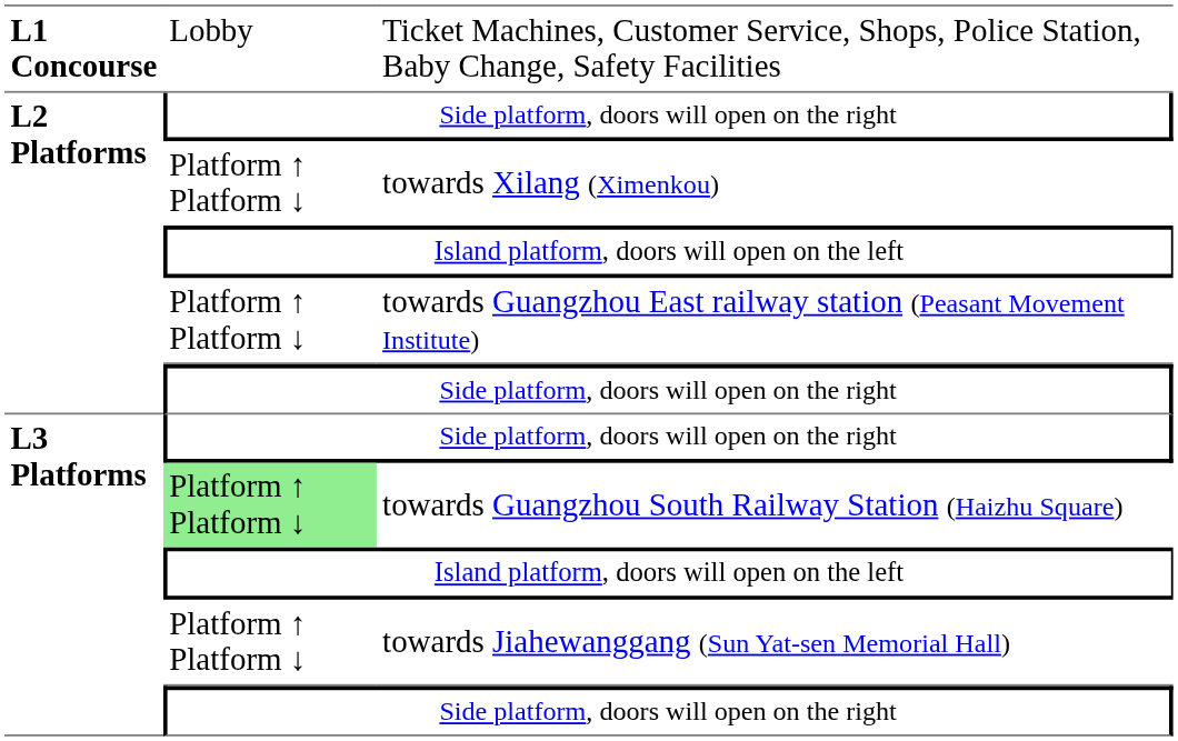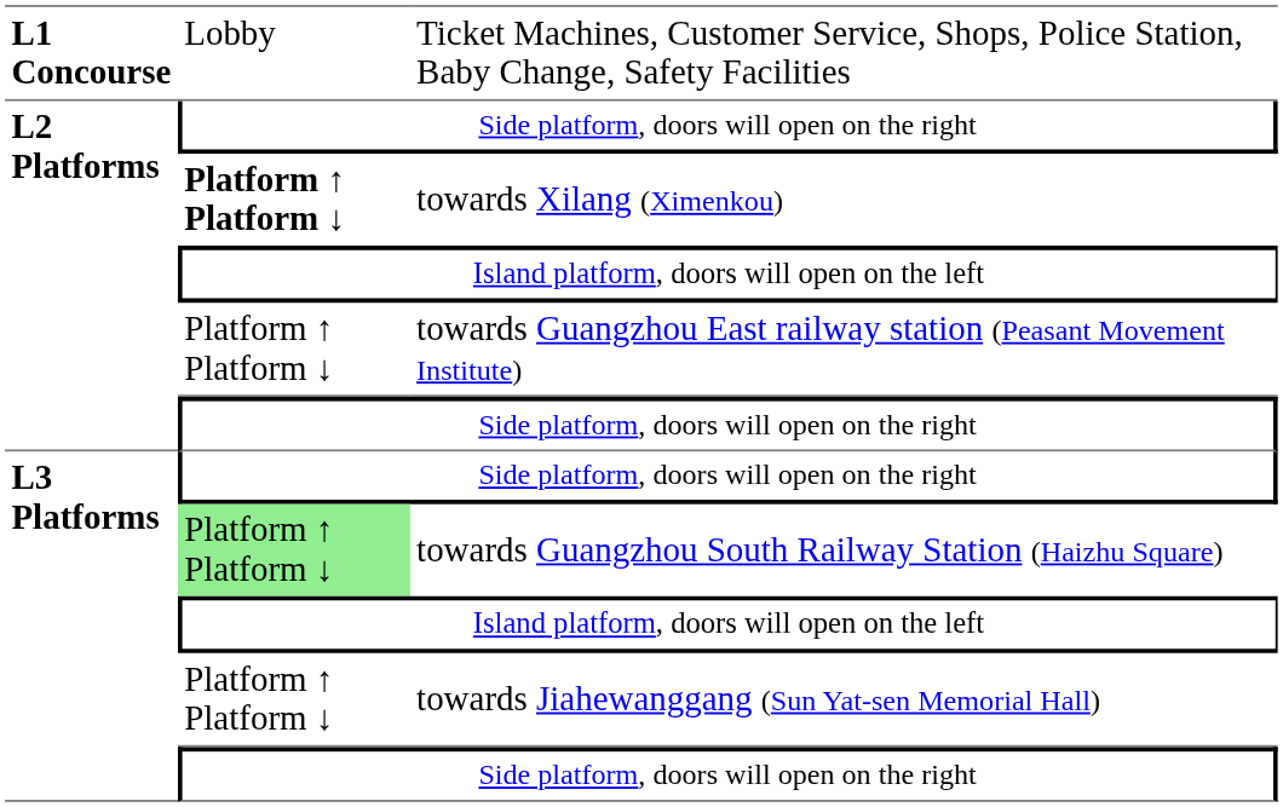 <table table border=0 cellspacing=0 cellpadding=3>
 <tr>
 <td style="border-bottom:solid 1px gray; border-top:solid 1px gray;" valign=top width=50><strong>L1<br>Concourse</strong></td>
 <td style="border-bottom:solid 1px gray; border-top:solid 1px gray;" valign=top width=100>Lobby</td>
 <td style="border-bottom:solid 1px gray; border-top:solid 1px gray;" valign=top width=390>Ticket Machines, Customer Service, Shops, Police Station, Baby Change, Safety Facilities</td>
 </tr>
 <tr>
 <td style="border-bottom:solid 1px gray;" rowspan=6 valign=top><strong>L2<br>Platforms</strong></td>
 </tr>
 <tr>
 <td style="border-right:solid 2px black;border-left:solid 2px black;border-bottom:solid 2px black;font-size:smaller;text-align:center;" colspan=2><a href='#'>Side platform</a>, doors will open on the right</td>
 </tr>
 <tr>
-<td>Platform  ↑<br>Platform  ↓</td>
+<td><strong>Platform  ↑<br>Platform  ↓</strong></td>
 <td>  towards <a href='#'>Xilang</a> <small>(<a href='#'>Ximenkou</a>)</small></td>
 </tr>
 <tr>
 <td style="border-right:solid 1px black;border-left:solid 2px black;border-top:solid 2px black;border-bottom:solid 2px black;font-size:85%;text-align:center;" colspan=2><a href='#'>Island platform</a>, doors will open on the left</td>
 </tr>
 <tr>
 <td style="border-bottom:solid 1px gray;">Platform  ↑<br>Platform  ↓</td>
 <td style="border-bottom:solid 1px gray;"><span></span>  towards <a href='#'>Guangzhou East railway station</a> <small>(<a href='#'>Peasant Movement Institute</a>)</small> </td>
 </tr>
 <tr>
 <td style="border-top:solid 2px black;border-right:solid 2px black;border-left:solid 2px black;border-bottom:solid 1px gray;font-size:smaller;text-align:center;" colspan=2><a href='#'>Side platform</a>, doors will open on the right</td>
 </tr>
 <tr>
 <td style="border-bottom:solid 1px gray;" rowspan=6 valign=top><strong>L3<br>Platforms</strong></td>
 </tr>
 <tr>
 <td style="border-right:solid 2px black;border-left:solid 2px black;border-bottom:solid 2px black;font-size:smaller;text-align:center;" colspan=2><a href='#'>Side platform</a>, doors will open on the right</td>
 </tr>
 <tr>
 <td style="background: lightgreen;">Platform  ↑<br>Platform  ↓</td>
 <td>  towards <a href='#'>Guangzhou South Railway Station</a> <small>(<a href='#'>Haizhu Square</a>)</small></td>
 </tr>
 <tr>
 <td style="border-right:solid 1px black;border-left:solid 2px black;border-top:solid 2px black;border-bottom:solid 2px black;font-size:85%;text-align:center;" colspan=2><a href='#'>Island platform</a>, doors will open on the left</td>
 </tr>
 <tr>
 <td style="border-bottom:solid 1px gray;">Platform  ↑<br>Platform  ↓</td>
 <td style="border-bottom:solid 1px gray;"><span></span>  towards <a href='#'>Jiahewanggang</a> <small>(<a href='#'>Sun Yat-sen Memorial Hall</a>)</small> </td>
 </tr>
 <tr>
 <td style="border-top:solid 2px black;border-right:solid 2px black;border-left:solid 2px black;border-bottom:solid 1px gray;font-size:smaller;text-align:center;" colspan=2><a href='#'>Side platform</a>, doors will open on the right</td>
 </tr>
 </table>
